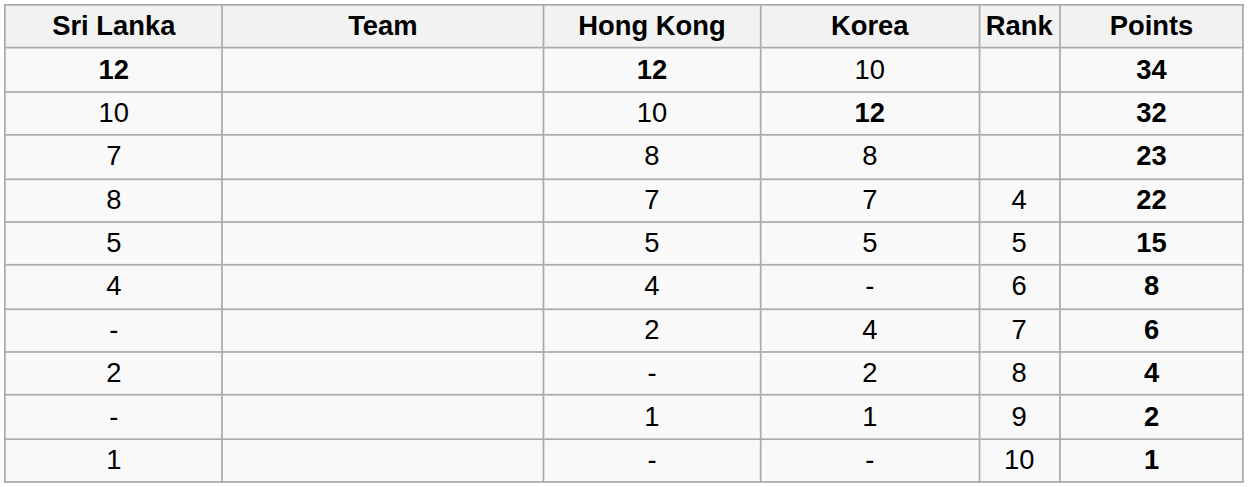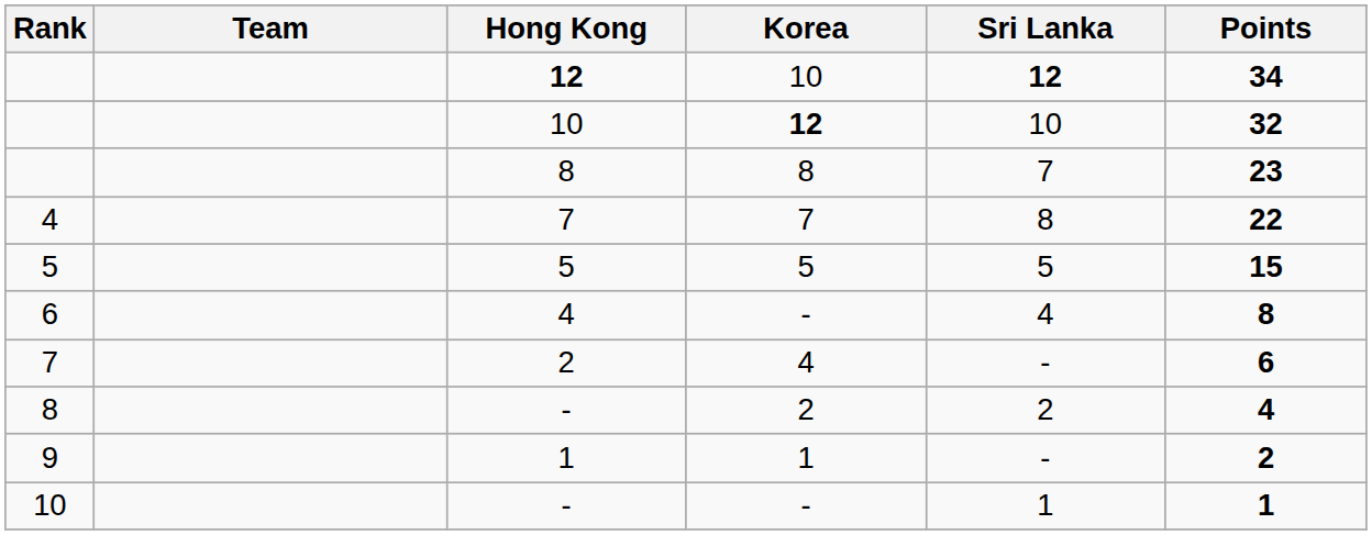 <table class="wikitable" style="text-align: center;">
 <tr>
-<th width=120>Sri Lanka</th>
+<th width=40>Rank</th>
 <th width=180>Team</th>
 <th width=120>Hong Kong</th>
 <th width=120>Korea</th>
-<th width=40>Rank</th>
+<th width=120>Sri Lanka</th>
 <th width=100>Points</th>
 </tr>
 <tr>
-<td><strong>12</strong></td>
+<td></td>
 <td align=left></td>
 <td><strong>12</strong></td>
 <td>10</td>
-<td></td>
+<td><strong>12</strong></td>
 <td><strong>34</strong></td>
 </tr>
 <tr>
-<td>10</td>
+<td></td>
 <td align=left></td>
 <td>10</td>
 <td><strong>12</strong></td>
-<td></td>
+<td>10</td>
 <td><strong>32</strong></td>
 </tr>
 <tr>
-<td>7</td>
+<td></td>
 <td align=left></td>
 <td>8</td>
 <td>8</td>
-<td></td>
+<td>7</td>
 <td><strong>23</strong></td>
 </tr>
 <tr>
-<td>8</td>
+<td>4</td>
 <td align=left></td>
 <td>7</td>
 <td>7</td>
-<td>4</td>
+<td>8</td>
 <td><strong>22</strong></td>
 </tr>
 <tr>
 <td>5</td>
 <td align=left></td>
 <td>5</td>
 <td>5</td>
 <td>5</td>
 <td><strong>15</strong></td>
 </tr>
 <tr>
-<td>4</td>
+<td>6</td>
 <td align=left></td>
 <td>4</td>
 <td>-</td>
-<td>6</td>
+<td>4</td>
 <td><strong>8</strong></td>
 </tr>
 <tr>
-<td>-</td>
+<td>7</td>
 <td align=left></td>
 <td>2</td>
 <td>4</td>
-<td>7</td>
+<td>-</td>
 <td><strong>6</strong></td>
 </tr>
 <tr>
-<td>2</td>
+<td>8</td>
 <td align=left></td>
 <td>-</td>
 <td>2</td>
-<td>8</td>
+<td>2</td>
 <td><strong>4</strong></td>
 </tr>
 <tr>
-<td>-</td>
+<td>9</td>
 <td align=left></td>
 <td>1</td>
 <td>1</td>
-<td>9</td>
+<td>-</td>
 <td><strong>2</strong></td>
 </tr>
 <tr>
-<td>1</td>
+<td>10</td>
 <td align=left></td>
 <td>-</td>
 <td>-</td>
-<td>10</td>
+<td>1</td>
 <td><strong>1</strong></td>
 </tr>
 </table>
